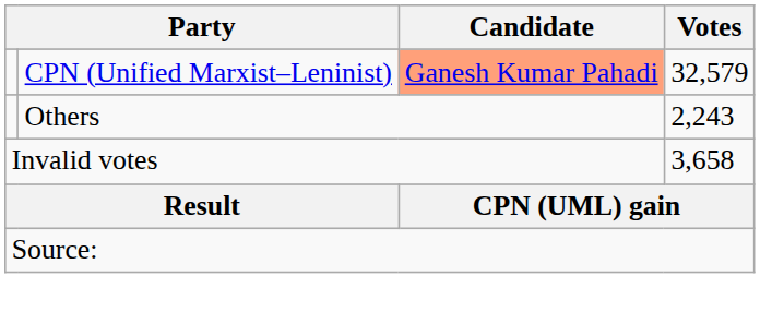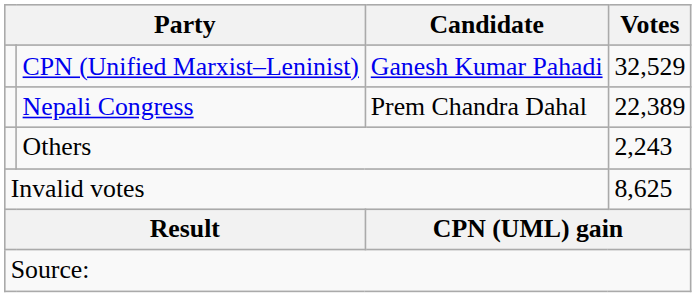 <table class="wikitable">
 <tr>
 <th colspan="2">Party</th>
 <th>Candidate</th>
 <th>Votes</th>
 </tr>
 <tr>
 <td style="background-color:"></td>
 <td><a href='#'>CPN (Unified Marxist–Leninist)</a></td>
-<td style="background: lightsalmon;"><a href='#'>Ganesh Kumar Pahadi</a></td>
-<td>32,579</td>
+<td><a href='#'>Ganesh Kumar Pahadi</a></td>
+<td>32,529</td>
+</tr>
+<tr>
+<td style="background-color:"></td>
+<td><a href='#'>Nepali Congress</a></td>
+<td>Prem Chandra Dahal</td>
+<td>22,389</td>
 </tr>
 <tr>
 <td></td>
 <td colspan="2">Others</td>
 <td>2,243</td>
 </tr>
 <tr>
 <td colspan="3">Invalid votes</td>
-<td>3,658</td>
+<td>8,625</td>
 </tr>
 <tr>
 <th colspan="2">Result</th>
 <th colspan="2">CPN (UML) gain</th>
 </tr>
 <tr>
 <td colspan="4">Source: </td>
 </tr>
 </table>
